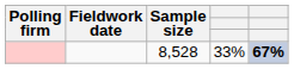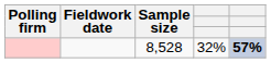 <table class="wikitable sortable" style="text-align:center;font-size:95%;line-height:14px;">
 <tr>
 <th rowspan="3">Polling<br>firm</th>
 <th rowspan="3">Fieldwork<br>date</th>
 <th rowspan="3">Sample<br>size</th>
 <th></th>
 <th></th>
 </tr>
 <tr>
 <th style="background:"></th>
 <th style="background:"></th>
 </tr>
 <tr>
 <th></th>
 <th></th>
 </tr>
 <tr>
 <td style="background:#FFCCCC;"></td>
 <td></td>
 <td>8,528</td>
-<td>33%</td>
-<td style="background:#C1CCE1;"><strong>67%</strong></td>
+<td>32%</td>
+<td style="background:#C1CCE1;"><strong>57%</strong></td>
 </tr>
 </table>
